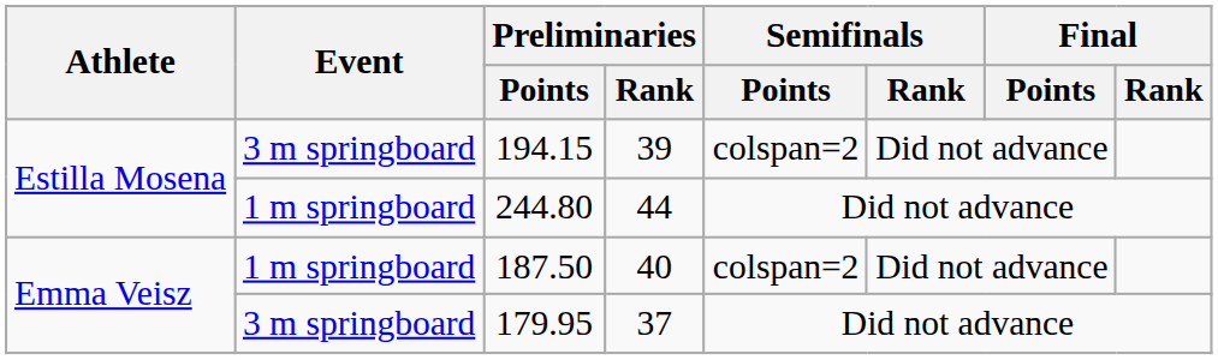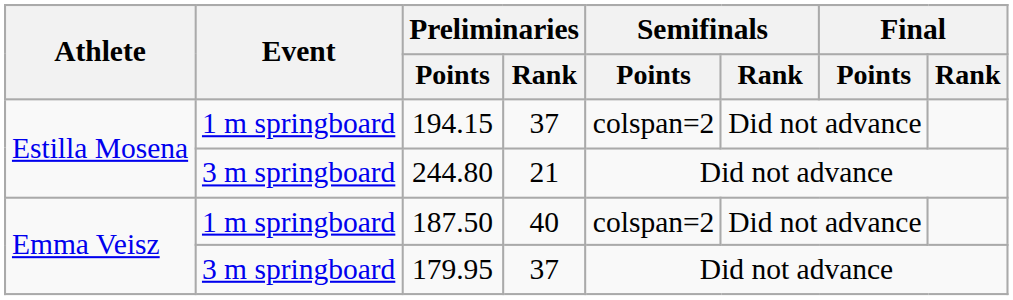 <table class=wikitable style="font-size:90%; text-align:center">
 <tr>
 <th rowspan="2">Athlete</th>
 <th rowspan="2">Event</th>
 <th colspan="2">Preliminaries</th>
 <th colspan="2">Semifinals</th>
 <th colspan="2">Final</th>
 </tr>
 <tr style="font-size:95%">
 <th>Points</th>
 <th>Rank</th>
 <th>Points</th>
 <th>Rank</th>
 <th>Points</th>
 <th>Rank</th>
 </tr>
 <tr>
 <td rowspan=2 align=left><a href='#'>Estilla Mosena</a></td>
-<td align=left><a href='#'>3 m springboard</a></td>
+<td align=left><a href='#'>1 m springboard</a></td>
 <td>194.15</td>
-<td>39</td>
+<td>37</td>
 <td>colspan=2 </td>
 <td colspan=2>Did not advance</td>
 </tr>
 <tr>
-<td align=left><a href='#'>1 m springboard</a></td>
+<td align=left><a href='#'>3 m springboard</a></td>
 <td>244.80</td>
-<td>44</td>
+<td>21</td>
 <td colspan=4>Did not advance</td>
 </tr>
 <tr>
 <td rowspan=2 align=left><a href='#'>Emma Veisz</a></td>
 <td align=left><a href='#'>1 m springboard</a></td>
 <td>187.50</td>
 <td>40</td>
 <td>colspan=2 </td>
 <td colspan=2>Did not advance</td>
 </tr>
 <tr>
 <td align=left><a href='#'>3 m springboard</a></td>
 <td>179.95</td>
 <td>37</td>
 <td colspan=4>Did not advance</td>
 </tr>
 </table>
